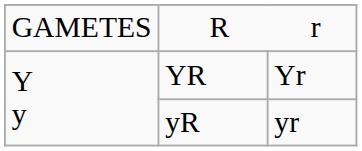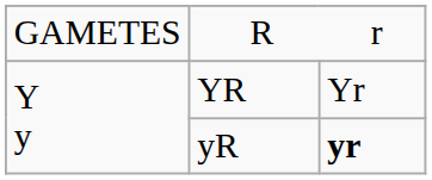 <table class="wikitable">
 <tr>
 <td>GAMETES</td>
 <td colspan="2">      R           r    </td>
 </tr>
 <tr>
 <td rowspan="2">Y<br>y</td>
 <td>YR</td>
 <td>Yr</td>
 </tr>
 <tr>
 <td>yR</td>
-<td>yr</td>
+<td><strong>yr</strong></td>
 </tr>
 </table>
